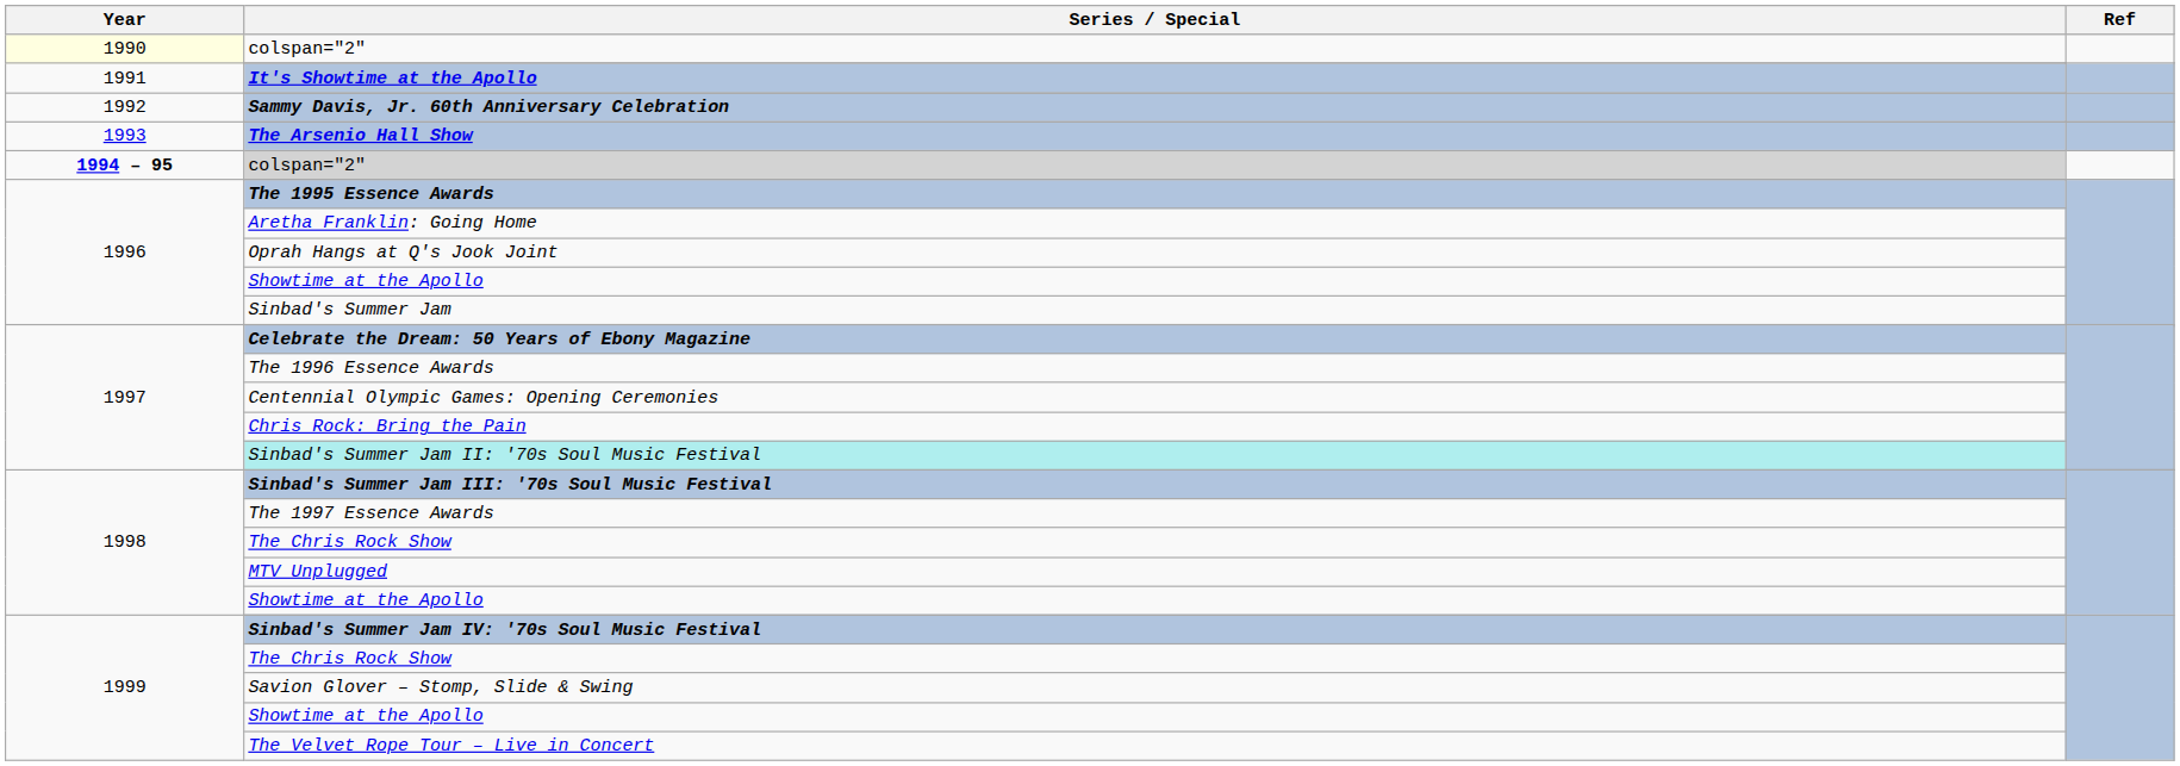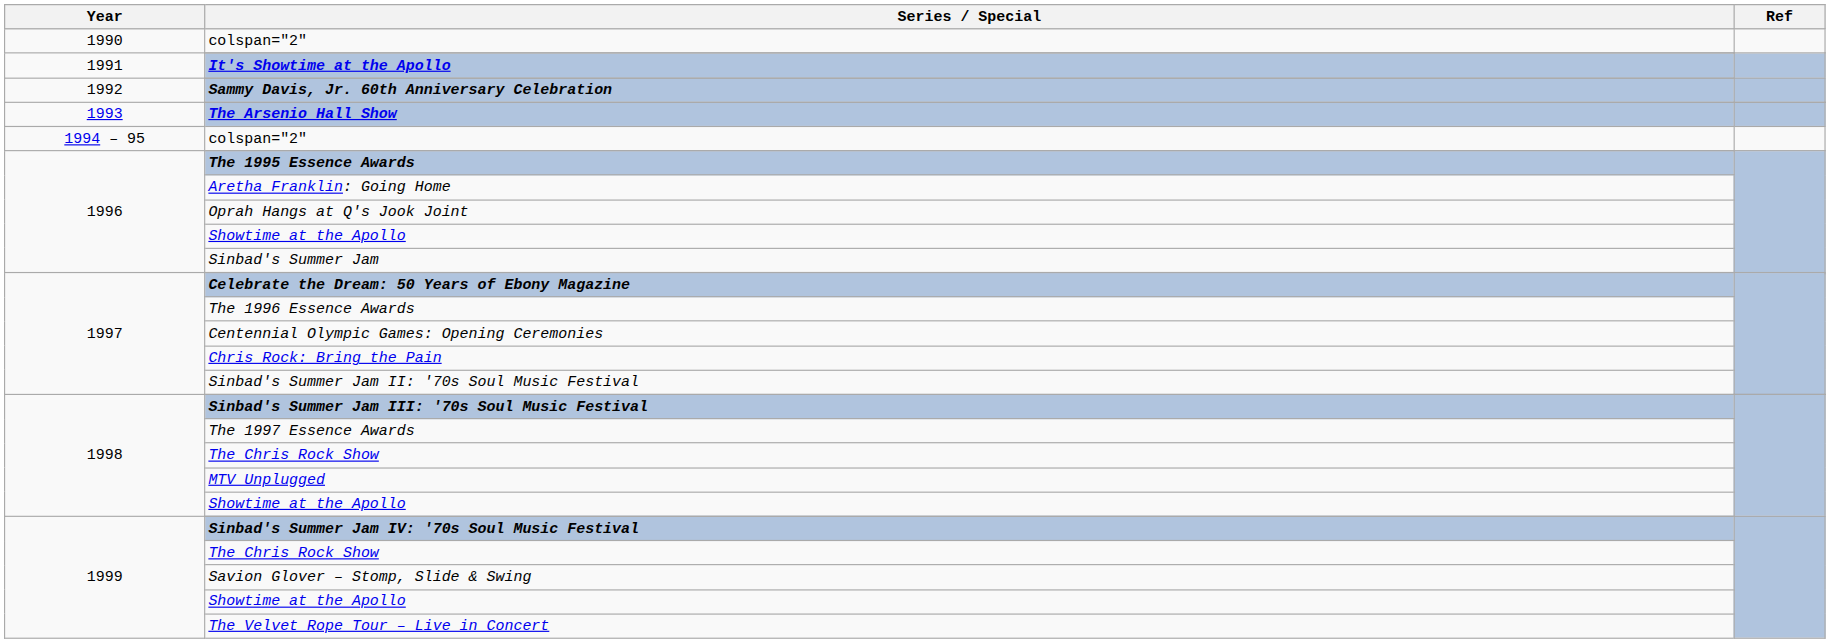 <table class="wikitable" style="width:100%;">
 <tr style="background:#bebebe;">
 <th style="width:11%;">Year</th>
 <th style="width:84%;">Series / Special</th>
 <th style="width:5%;">Ref</th>
 </tr>
 <tr>
-<td align="center" style="background: lightyellow;">1990</td>
+<td align="center">1990</td>
 <td>colspan="2" </td>
 </tr>
 <tr>
 <td rowspan="2" align="center">1991</td>
 </tr>
 <tr style="background:#B0C4DE">
 <td><strong><em><a href='#'>It's Showtime at the Apollo</a></em></strong></td>
 <td rowspan="2" align="center"></td>
 </tr>
 <tr>
 <td rowspan="2" align="center">1992</td>
 </tr>
 <tr style="background:#B0C4DE">
 <td><strong><em>Sammy Davis, Jr. 60th Anniversary Celebration</em></strong></td>
 <td align="center"></td>
 </tr>
 <tr>
 <td rowspan="2" align="center"><a href='#'>1993</a></td>
 </tr>
 <tr style="background:#B0C4DE">
 <td><strong><em><a href='#'>The Arsenio Hall Show</a></em></strong></td>
 <td align="center"></td>
 </tr>
 <tr>
-<td align="center"><strong><a href='#'>1994</a> – 95</strong></td>
-<td style="background: lightgrey;">colspan="2" </td>
+<td align="center"><a href='#'>1994</a> – 95</td>
+<td>colspan="2" </td>
 </tr>
 <tr>
 <td rowspan="6" align="center">1996</td>
 </tr>
 <tr style="background:#B0C4DE">
 <td><strong><em>The 1995 Essence Awards</em></strong></td>
 <td rowspan="6" align="center"></td>
 </tr>
 <tr>
 <td><em><a href='#'>Aretha Franklin</a>: Going Home</em></td>
 </tr>
 <tr>
 <td><em>Oprah Hangs at Q's Jook Joint</em></td>
 </tr>
 <tr>
 <td><em><a href='#'>Showtime at the Apollo</a></em></td>
 </tr>
 <tr>
 <td><em>Sinbad's Summer Jam</em></td>
 </tr>
 <tr>
 <td rowspan="6" align="center">1997</td>
 </tr>
 <tr style="background:#B0C4DE">
 <td><strong><em>Celebrate the Dream: 50 Years of Ebony Magazine</em></strong></td>
 <td rowspan="5" align="center"></td>
 </tr>
 <tr>
 <td><em>The 1996 Essence Awards</em></td>
 </tr>
 <tr>
 <td><em>Centennial Olympic Games: Opening Ceremonies</em></td>
 </tr>
 <tr>
 <td><em><a href='#'>Chris Rock: Bring the Pain</a></em></td>
 </tr>
 <tr>
-<td style="background: paleturquoise;"><em>Sinbad's Summer Jam II: '70s Soul Music Festival</em></td>
+<td><em>Sinbad's Summer Jam II: '70s Soul Music Festival</em></td>
 </tr>
 <tr>
 <td rowspan="6" align="center">1998</td>
 </tr>
 <tr style="background:#B0C4DE">
 <td><strong><em>Sinbad's Summer Jam III: '70s Soul Music Festival</em></strong></td>
 <td rowspan="6" align="center"></td>
 </tr>
 <tr>
 <td><em>The 1997 Essence Awards</em></td>
 </tr>
 <tr>
 <td><em><a href='#'>The Chris Rock Show</a></em></td>
 </tr>
 <tr>
 <td><em><a href='#'>MTV Unplugged</a></em></td>
 </tr>
 <tr>
 <td><em><a href='#'>Showtime at the Apollo</a></em></td>
 </tr>
 <tr>
 <td rowspan="6" align="center">1999</td>
 </tr>
 <tr style="background:#B0C4DE">
 <td><strong><em>Sinbad's Summer Jam IV: '70s Soul Music Festival</em></strong></td>
 <td rowspan="6" align="center"></td>
 </tr>
 <tr>
 <td><em><a href='#'>The Chris Rock Show</a></em></td>
 </tr>
 <tr>
 <td><em>Savion Glover – Stomp, Slide & Swing</em></td>
 </tr>
 <tr>
 <td><em><a href='#'>Showtime at the Apollo</a></em></td>
 </tr>
 <tr>
 <td><em><a href='#'>The Velvet Rope Tour – Live in Concert</a></em></td>
 </tr>
 </table>
